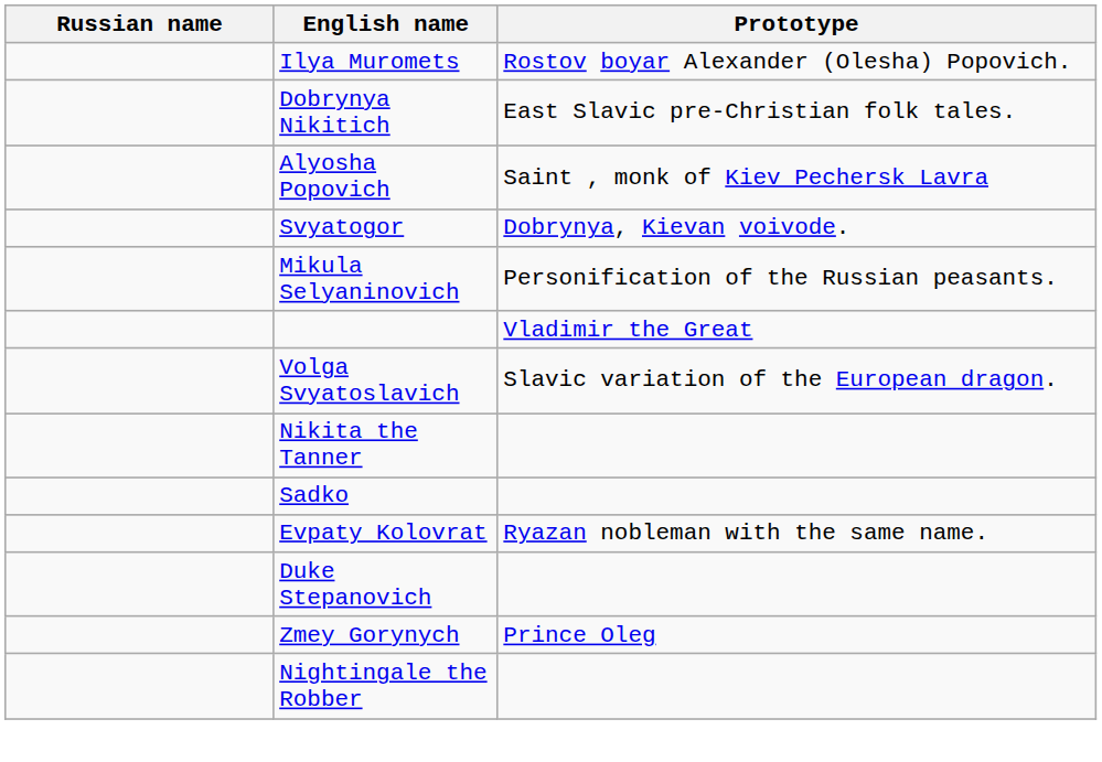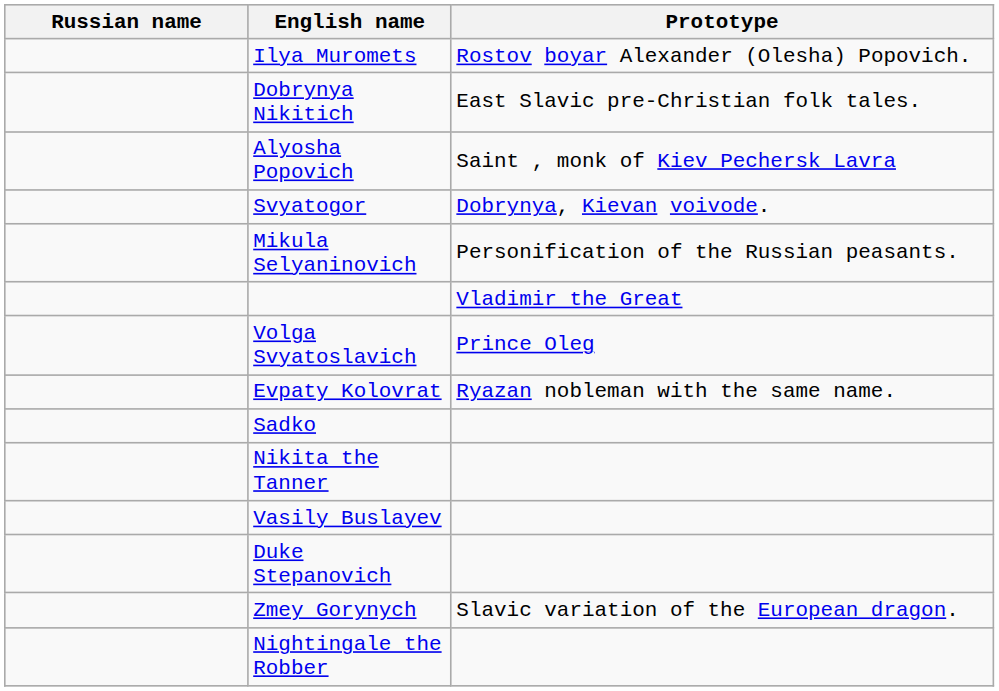 <table class="wikitable sortable" style="border">
 <tr>
 <th style="width:145px;">Russian name</th>
 <th style="width:120px;">English name</th>
 <th style="width:330px;">Prototype</th>
 </tr>
 <tr>
 <td></td>
 <td><a href='#'>Ilya Muromets</a></td>
 <td><a href='#'>Rostov</a> <a href='#'>boyar</a> Alexander (Olesha) Popovich.</td>
 </tr>
 <tr>
 <td></td>
 <td><a href='#'>Dobrynya Nikitich</a></td>
 <td>East Slavic pre-Christian folk tales.</td>
 </tr>
 <tr>
 <td></td>
 <td><a href='#'>Alyosha Popovich</a></td>
 <td>Saint , monk of <a href='#'>Kiev Pechersk Lavra</a></td>
 </tr>
 <tr>
 <td></td>
 <td><a href='#'>Svyatogor</a></td>
 <td><a href='#'>Dobrynya</a>, <a href='#'>Kievan</a> <a href='#'>voivode</a>.</td>
 </tr>
 <tr>
 <td></td>
 <td><a href='#'>Mikula Selyaninovich</a></td>
 <td>Personification of the Russian peasants.</td>
 </tr>
 <tr>
 <td></td>
 <td></td>
 <td><a href='#'>Vladimir the Great</a></td>
 </tr>
 <tr>
 <td></td>
 <td><a href='#'>Volga Svyatoslavich</a></td>
-<td>Slavic variation of the <a href='#'>European dragon</a>.</td>
+<td><a href='#'>Prince Oleg</a></td>
+</tr>
+<tr>
+<td></td>
+<td><a href='#'>Evpaty Kolovrat</a></td>
+<td><a href='#'>Ryazan</a> nobleman with the same name.</td>
+</tr>
+<tr>
+<td></td>
+<td><a href='#'>Sadko</a></td>
+<td></td>
 </tr>
 <tr>
 <td></td>
 <td><a href='#'>Nikita the Tanner</a></td>
 <td></td>
 </tr>
 <tr>
 <td></td>
-<td><a href='#'>Sadko</a></td>
+<td><a href='#'>Vasily Buslayev</a></td>
 <td></td>
-</tr>
-<tr>
-<td></td>
-<td><a href='#'>Evpaty Kolovrat</a></td>
-<td><a href='#'>Ryazan</a> nobleman with the same name.</td>
 </tr>
 <tr>
 <td></td>
 <td><a href='#'>Duke Stepanovich</a></td>
 <td></td>
 </tr>
 <tr>
 <td></td>
 <td><a href='#'>Zmey Gorynych</a></td>
-<td><a href='#'>Prince Oleg</a></td>
+<td>Slavic variation of the <a href='#'>European dragon</a>.</td>
 </tr>
 <tr>
 <td></td>
 <td><a href='#'>Nightingale the Robber</a></td>
 <td></td>
 </tr>
 </table>
